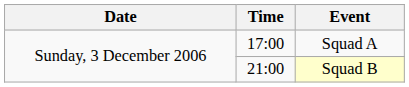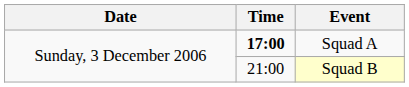 <table class = "wikitable" style="text-align:center;">
 <tr>
 <th width=220>Date</th>
 <th width=50>Time</th>
 <th width=100>Event</th>
 </tr>
 <tr>
 <td rowspan=2>Sunday, 3 December 2006</td>
-<td>17:00</td>
+<td><strong>17:00</strong></td>
 <td>Squad A</td>
 </tr>
 <tr>
 <td>21:00</td>
 <td bgcolor=ffffcc>Squad B</td>
 </tr>
 </table>
